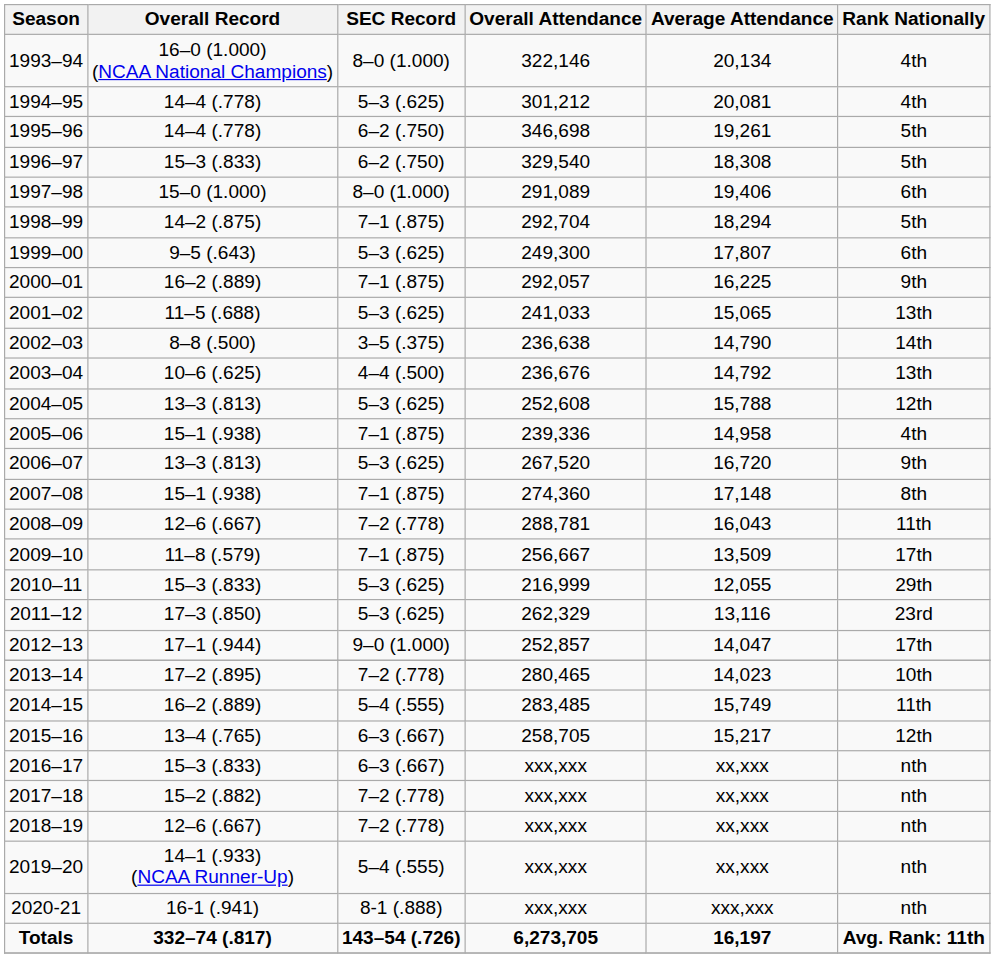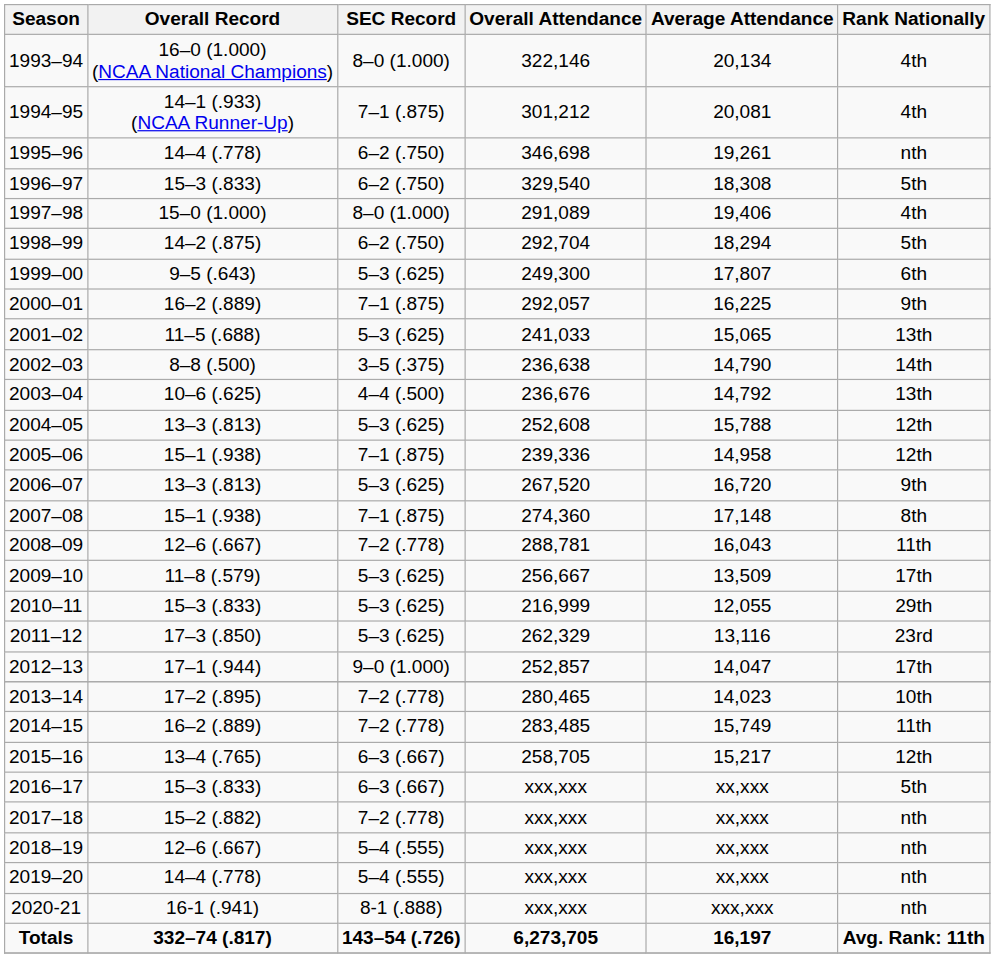 <table class="wikitable" style="text-align:center;">
 <tr>
 <th>Season</th>
 <th>Overall Record</th>
 <th>SEC Record</th>
 <th>Overall Attendance</th>
 <th>Average Attendance</th>
 <th>Rank Nationally</th>
 </tr>
 <tr>
 <td>1993–94</td>
 <td>16–0 (1.000)<br>(<a href='#'>NCAA National Champions</a>)</td>
 <td>8–0 (1.000)</td>
 <td>322,146</td>
 <td>20,134</td>
 <td>4th</td>
 </tr>
 <tr>
 <td>1994–95</td>
-<td>14–4 (.778)</td>
-<td>5–3 (.625)</td>
+<td>14–1 (.933)<br>(<a href='#'>NCAA Runner-Up</a>)</td>
+<td>7–1 (.875)</td>
 <td>301,212</td>
 <td>20,081</td>
 <td>4th</td>
 </tr>
 <tr>
 <td>1995–96</td>
 <td>14–4 (.778)</td>
 <td>6–2 (.750)</td>
 <td>346,698</td>
 <td>19,261</td>
-<td>5th</td>
+<td>nth</td>
 </tr>
 <tr>
 <td>1996–97</td>
 <td>15–3 (.833)</td>
 <td>6–2 (.750)</td>
 <td>329,540</td>
 <td>18,308</td>
 <td>5th</td>
 </tr>
 <tr>
 <td>1997–98</td>
 <td>15–0 (1.000)</td>
 <td>8–0 (1.000)</td>
 <td>291,089</td>
 <td>19,406</td>
-<td>6th</td>
+<td>4th</td>
 </tr>
 <tr>
 <td>1998–99</td>
 <td>14–2 (.875)</td>
-<td>7–1 (.875)</td>
+<td>6–2 (.750)</td>
 <td>292,704</td>
 <td>18,294</td>
 <td>5th</td>
 </tr>
 <tr>
 <td>1999–00</td>
 <td>9–5 (.643)</td>
 <td>5–3 (.625)</td>
 <td>249,300</td>
 <td>17,807</td>
 <td>6th</td>
 </tr>
 <tr>
 <td>2000–01</td>
 <td>16–2 (.889)</td>
 <td>7–1 (.875)</td>
 <td>292,057</td>
 <td>16,225</td>
 <td>9th</td>
 </tr>
 <tr>
 <td>2001–02</td>
 <td>11–5 (.688)</td>
 <td>5–3 (.625)</td>
 <td>241,033</td>
 <td>15,065</td>
 <td>13th</td>
 </tr>
 <tr>
 <td>2002–03</td>
 <td>8–8 (.500)</td>
 <td>3–5 (.375)</td>
 <td>236,638</td>
 <td>14,790</td>
 <td>14th</td>
 </tr>
 <tr>
 <td>2003–04</td>
 <td>10–6 (.625)</td>
 <td>4–4 (.500)</td>
 <td>236,676</td>
 <td>14,792</td>
 <td>13th</td>
 </tr>
 <tr>
 <td>2004–05</td>
 <td>13–3 (.813)</td>
 <td>5–3 (.625)</td>
 <td>252,608</td>
 <td>15,788</td>
 <td>12th</td>
 </tr>
 <tr>
 <td>2005–06</td>
 <td>15–1 (.938)</td>
 <td>7–1 (.875)</td>
 <td>239,336</td>
 <td>14,958</td>
-<td>4th</td>
+<td>12th</td>
 </tr>
 <tr>
 <td>2006–07</td>
 <td>13–3 (.813)</td>
 <td>5–3 (.625)</td>
 <td>267,520</td>
 <td>16,720</td>
 <td>9th</td>
 </tr>
 <tr>
 <td>2007–08</td>
 <td>15–1 (.938)</td>
 <td>7–1 (.875)</td>
 <td>274,360</td>
 <td>17,148</td>
 <td>8th</td>
 </tr>
 <tr>
 <td>2008–09</td>
 <td>12–6 (.667)</td>
 <td>7–2 (.778)</td>
 <td>288,781</td>
 <td>16,043</td>
 <td>11th</td>
 </tr>
 <tr>
 <td>2009–10</td>
 <td>11–8 (.579)</td>
-<td>7–1 (.875)</td>
+<td>5–3 (.625)</td>
 <td>256,667</td>
 <td>13,509</td>
 <td>17th</td>
 </tr>
 <tr>
 <td>2010–11</td>
 <td>15–3 (.833)</td>
 <td>5–3 (.625)</td>
 <td>216,999</td>
 <td>12,055</td>
 <td>29th</td>
 </tr>
 <tr>
 <td>2011–12</td>
 <td>17–3 (.850)</td>
 <td>5–3 (.625)</td>
 <td>262,329</td>
 <td>13,116</td>
 <td>23rd</td>
 </tr>
 <tr>
 <td>2012–13</td>
 <td>17–1 (.944)</td>
 <td>9–0 (1.000)</td>
 <td>252,857</td>
 <td>14,047</td>
 <td>17th</td>
 </tr>
 <tr>
 </tr>
 <tr>
 <td>2013–14</td>
 <td>17–2 (.895)</td>
 <td>7–2 (.778)</td>
 <td>280,465</td>
 <td>14,023</td>
 <td>10th</td>
 </tr>
 <tr>
 <td>2014–15</td>
 <td>16–2 (.889)</td>
-<td>5–4 (.555)</td>
+<td>7–2 (.778)</td>
 <td>283,485</td>
 <td>15,749</td>
 <td>11th</td>
 </tr>
 <tr>
 <td>2015–16</td>
 <td>13–4 (.765)</td>
 <td>6–3 (.667)</td>
 <td>258,705</td>
 <td>15,217</td>
 <td>12th</td>
 </tr>
 <tr>
 <td>2016–17</td>
 <td>15–3 (.833)</td>
 <td>6–3 (.667)</td>
 <td>xxx,xxx</td>
 <td>xx,xxx</td>
-<td>nth</td>
+<td>5th</td>
 </tr>
 <tr>
 <td>2017–18</td>
 <td>15–2 (.882)</td>
 <td>7–2 (.778)</td>
 <td>xxx,xxx</td>
 <td>xx,xxx</td>
 <td>nth</td>
 </tr>
 <tr>
 <td>2018–19</td>
 <td>12–6 (.667)</td>
-<td>7–2 (.778)</td>
+<td>5–4 (.555)</td>
 <td>xxx,xxx</td>
 <td>xx,xxx</td>
 <td>nth</td>
 </tr>
 <tr>
 <td>2019–20</td>
-<td>14–1 (.933)<br>(<a href='#'>NCAA Runner-Up</a>)</td>
+<td>14–4 (.778)</td>
 <td>5–4 (.555)</td>
 <td>xxx,xxx</td>
 <td>xx,xxx</td>
 <td>nth</td>
 </tr>
 <tr>
 <td>2020-21</td>
 <td>16-1 (.941)</td>
 <td>8-1  (.888)</td>
 <td>xxx,xxx</td>
 <td>xxx,xxx</td>
 <td>nth</td>
 </tr>
 <tr>
 <td><strong>Totals</strong></td>
 <td><strong>332–74 (.817)</strong></td>
 <td><strong>143–54 (.726)</strong></td>
 <td><strong>6,273,705</strong></td>
 <td><strong>16,197</strong></td>
 <td><strong>Avg. Rank: 11th</strong></td>
 </tr>
 <tr>
 </tr>
 </table>
